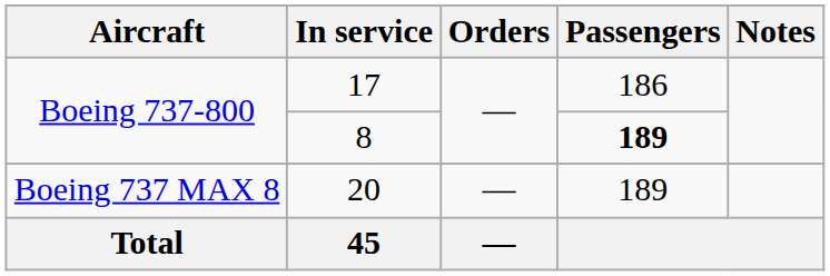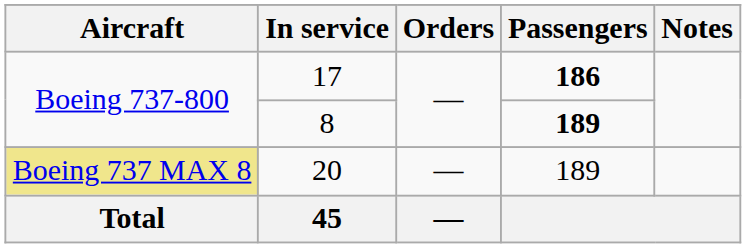 <table class="wikitable" style="margin:1em auto; border-collapse:collapse;text-align:center">
 <tr>
 <th>Aircraft</th>
 <th>In service</th>
 <th>Orders</th>
 <th>Passengers</th>
 <th>Notes</th>
 </tr>
 <tr>
 <td rowspan="2"><a href='#'>Boeing 737-800</a></td>
 <td>17</td>
 <td rowspan="2">—</td>
-<td>186</td>
+<td><strong>186</strong></td>
 <td rowspan="2"></td>
 </tr>
 <tr>
 <td>8</td>
 <td><strong>189</strong></td>
 </tr>
 <tr>
-<td><a href='#'>Boeing 737 MAX 8</a></td>
+<td style="background: khaki;"><a href='#'>Boeing 737 MAX 8</a></td>
 <td>20</td>
 <td>—</td>
 <td>189</td>
 <td></td>
 </tr>
 <tr>
 <th>Total</th>
 <th>45</th>
 <th>—</th>
 <th colspan="2"></th>
 </tr>
 </table>
